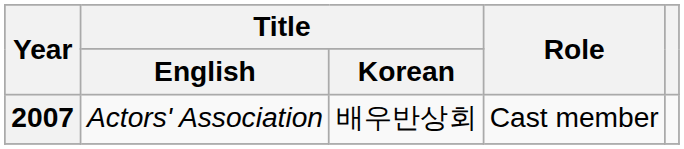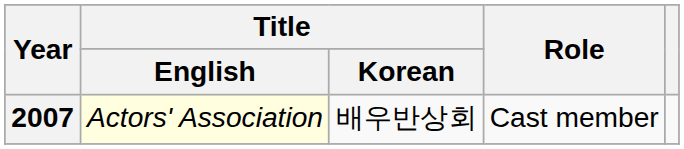 <table class="wikitable plainrowheaders">
 <tr>
 <th rowspan="2">Year</th>
 <th colspan="2">Title</th>
 <th rowspan="2">Role</th>
 <th rowspan="2"></th>
 </tr>
 <tr>
 <th>English</th>
 <th>Korean</th>
 </tr>
 <tr>
 <th scope="row">2007</th>
-<td><em>Actors' Association</em></td>
+<td style="background: lightyellow;"><em>Actors' Association</em></td>
 <td>배우반상회</td>
 <td>Cast member</td>
 <td></td>
 </tr>
 </table>
